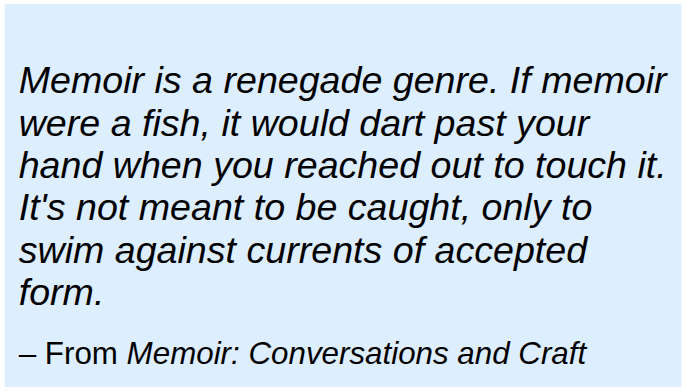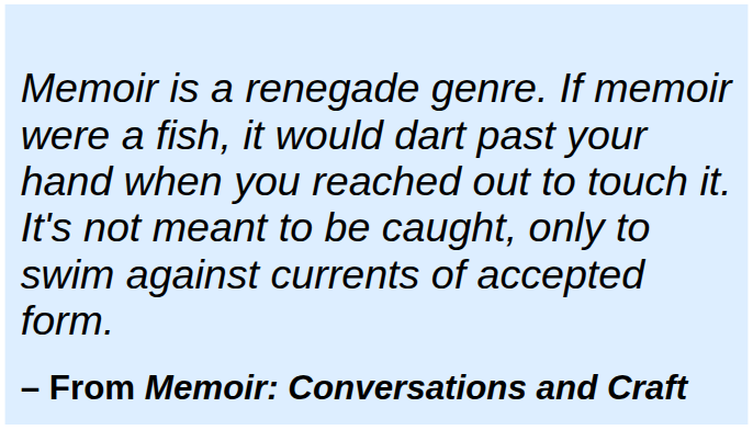 <table class="toccolours" style="float: left; margin-left: 1em; margin-right: 1em; font-size: 100%; background:#ddeeff; color:black; width:18em; max-width: 25%;" cellspacing="5">
 <tr>
 <td style="text-align: left;"><br><em>Memoir is a renegade genre. If memoir were a fish, it would dart past your hand when you reached out to touch it. It's not meant to be caught, only to swim against currents of accepted form.</em></td>
 </tr>
 <tr>
-<td style="text-align: left;"><small> –  From <em>Memoir: Conversations and Craft</em></small></td>
+<td style="text-align: left;"><strong><small> –  From <em>Memoir: Conversations and Craft</em></small></strong></td>
 </tr>
 </table>
